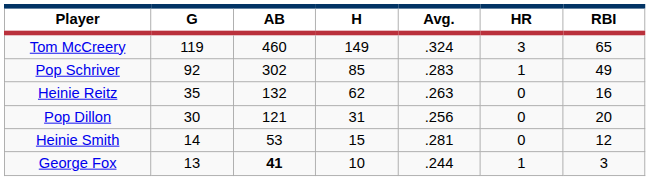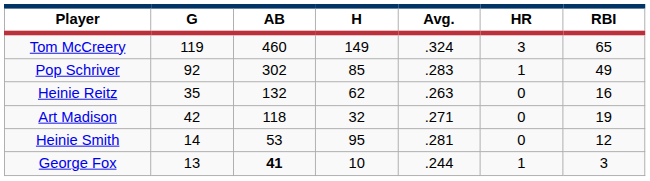 <table class="wikitable sortable">
 <tr>
 <th style="background:#FFFFFF; border-top:#023465 5px solid; border-bottom:#ba313c 5px solid;" width="16%">Player</th>
 <th style="background:#FFFFFF; border-top:#023465 5px solid; border-bottom:#ba313c 5px solid;" width="9%">G</th>
 <th style="background:#FFFFFF; border-top:#023465 5px solid; border-bottom:#ba313c 5px solid;" width="9%">AB</th>
 <th style="background:#FFFFFF; border-top:#023465 5px solid; border-bottom:#ba313c 5px solid;" width="9%">H</th>
 <th style="background:#FFFFFF; border-top:#023465 5px solid; border-bottom:#ba313c 5px solid;" width="9%">Avg.</th>
 <th style="background:#FFFFFF; border-top:#023465 5px solid; border-bottom:#ba313c 5px solid;" width="9%">HR</th>
 <th style="background:#FFFFFF; border-top:#023465 5px solid; border-bottom:#ba313c 5px solid;" width="9%">RBI</th>
 </tr>
 <tr align="center">
 <td><a href='#'>Tom McCreery</a></td>
 <td>119</td>
 <td>460</td>
 <td>149</td>
 <td>.324</td>
 <td>3</td>
 <td>65</td>
 </tr>
 <tr align=center>
 <td><a href='#'>Pop Schriver</a></td>
 <td>92</td>
 <td>302</td>
 <td>85</td>
 <td>.283</td>
 <td>1</td>
 <td>49</td>
 </tr>
 <tr align=center>
 <td><a href='#'>Heinie Reitz</a></td>
 <td>35</td>
 <td>132</td>
 <td>62</td>
 <td>.263</td>
 <td>0</td>
 <td>16</td>
 </tr>
 <tr align=center>
-<td><a href='#'>Pop Dillon</a></td>
-<td>30</td>
-<td>121</td>
-<td>31</td>
-<td>.256</td>
+<td><a href='#'>Art Madison</a></td>
+<td>42</td>
+<td>118</td>
+<td>32</td>
+<td>.271</td>
 <td>0</td>
-<td>20</td>
+<td>19</td>
 </tr>
 <tr align=center>
 <td><a href='#'>Heinie Smith</a></td>
 <td>14</td>
 <td>53</td>
-<td>15</td>
+<td>95</td>
 <td>.281</td>
 <td>0</td>
 <td>12</td>
 </tr>
 <tr align=center>
 <td><a href='#'>George Fox</a></td>
 <td>13</td>
 <td><strong>41</strong></td>
 <td>10</td>
 <td>.244</td>
 <td>1</td>
 <td>3</td>
 </tr>
 </table>
